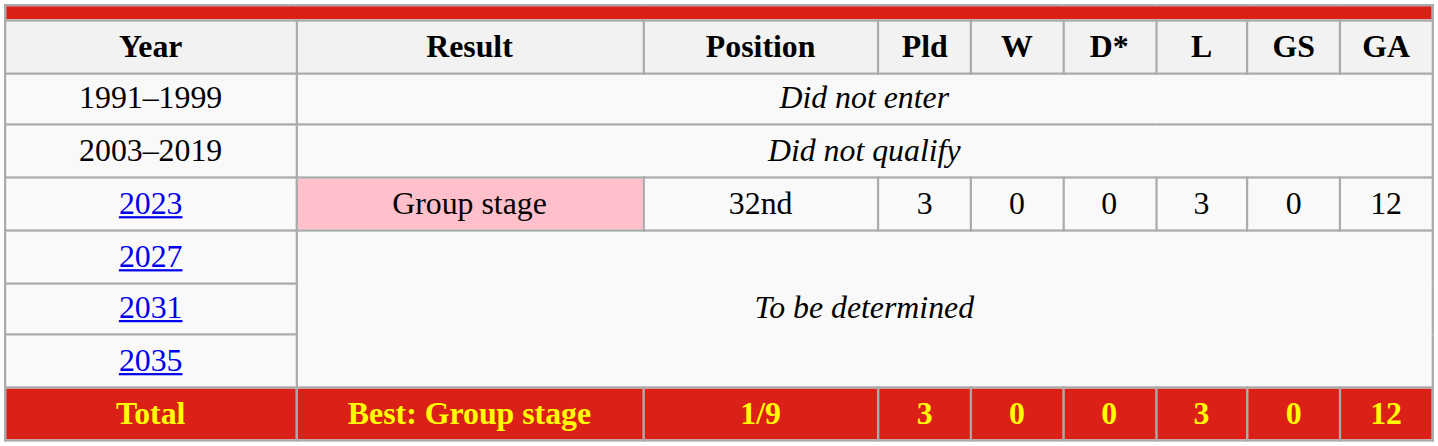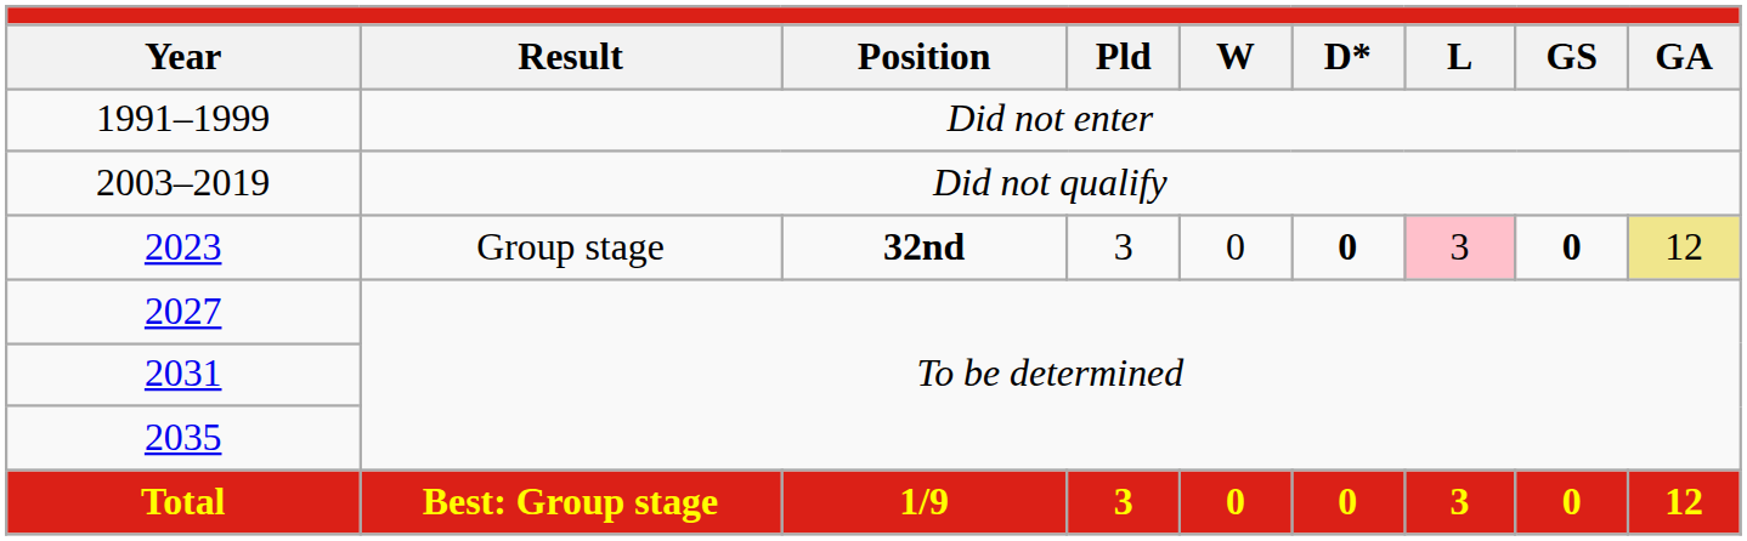 <table class="wikitable" style="text-align: center;font-size:90%;">
 <tr>
 <th colspan="9" style="background: #DB2017; color: #FFFF00;"><a href='#'></a></th>
 </tr>
 <tr>
 <th width=125>Year</th>
 <th width=150>Result</th>
 <th width=100>Position</th>
 <th width=35>Pld</th>
 <th width=35>W</th>
 <th width=35>D*</th>
 <th width=35>L</th>
 <th width=35>GS</th>
 <th width=35>GA</th>
 </tr>
 <tr>
 <td>1991–1999</td>
 <td colspan="8"><em>Did not enter</em></td>
 </tr>
 <tr>
 <td>2003–2019</td>
 <td colspan="8"><em>Did not qualify</em></td>
 </tr>
 <tr>
 <td> <a href='#'>2023</a></td>
-<td style="background: pink;">Group stage</td>
-<td>32nd</td>
+<td>Group stage</td>
+<td><strong>32nd</strong></td>
 <td>3</td>
 <td>0</td>
-<td>0</td>
-<td>3</td>
-<td>0</td>
-<td>12</td>
+<td><strong>0</strong></td>
+<td style="background: pink;">3</td>
+<td><strong>0</strong></td>
+<td style="background: khaki;">12</td>
 </tr>
 <tr>
 <td> <a href='#'>2027</a></td>
 <td rowspan=3 colspan=8><em>To be determined</em></td>
 </tr>
 <tr>
 <td> <a href='#'>2031</a></td>
 </tr>
 <tr>
 <td> <a href='#'>2035</a></td>
 </tr>
 <tr>
 <td colspan=1 style="background: #DB2017; color: #FFFF00;"><strong>Total</strong></td>
 <td style="background: #DB2017; color: #FFFF00;"><strong>Best: Group stage</strong></td>
 <td style="background: #DB2017; color: #FFFF00;"><strong>1/9</strong></td>
 <td style="background: #DB2017; color: #FFFF00;"><strong>3</strong></td>
 <td style="background: #DB2017; color: #FFFF00;"><strong>0</strong></td>
 <td style="background: #DB2017; color: #FFFF00;"><strong>0</strong></td>
 <td style="background: #DB2017; color: #FFFF00;"><strong>3</strong></td>
 <td style="background: #DB2017; color: #FFFF00;"><strong>0</strong></td>
 <td style="background: #DB2017; color: #FFFF00;"><strong>12</strong></td>
 </tr>
 </table>
